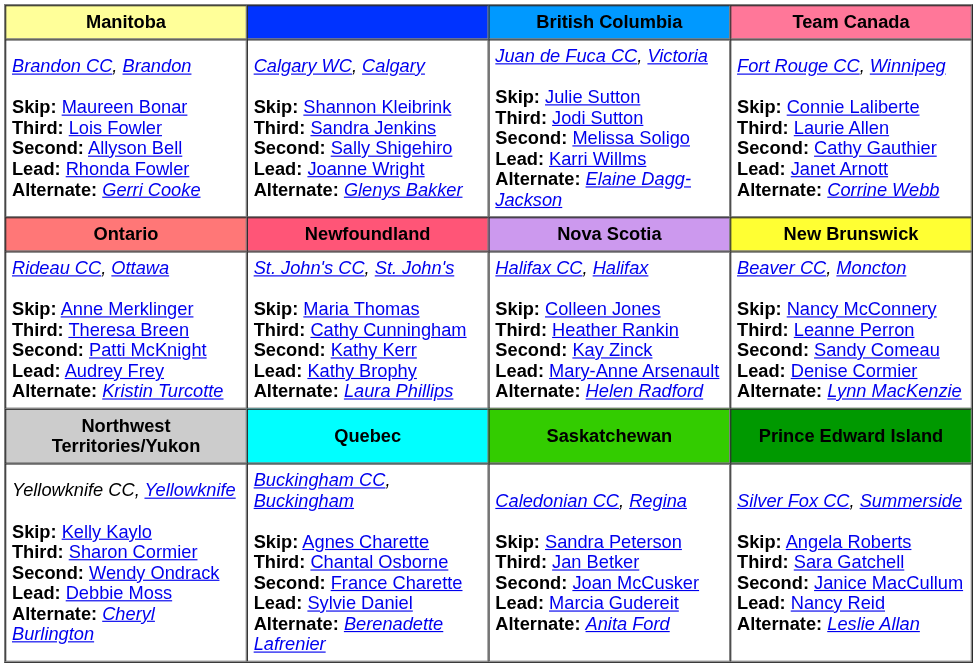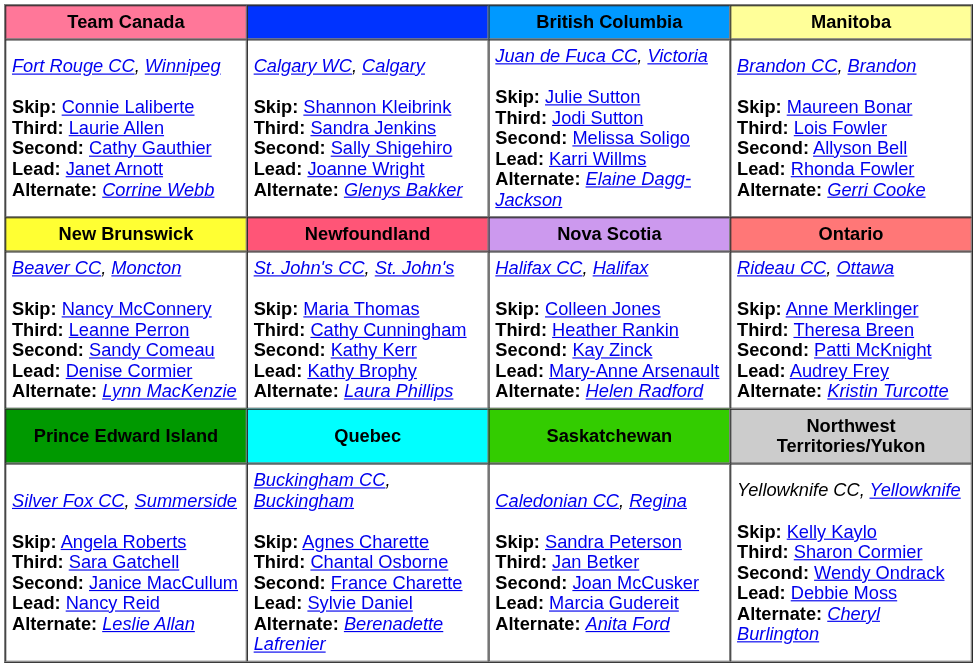 <table border=1 cellpadding=5 cellspacing=0>
 <tr>
-<th bgcolor="#ffff99" width="200">Manitoba</th>
+<th bgcolor="#ff7799" width="200">Team Canada</th>
 <th bgcolor="#0033ff" width="200"></th>
 <th bgcolor="#0099ff" width="200">British Columbia</th>
-<th bgcolor="#ff7799" width="200">Team Canada</th>
+<th bgcolor="#ffff99" width="200">Manitoba</th>
 </tr>
 <tr align=center>
-<td align=left><em><a href='#'>Brandon CC</a>, <a href='#'>Brandon</a></em> <br><br><strong>Skip:</strong>  <a href='#'>Maureen Bonar</a><br> <strong>Third:</strong> <a href='#'>Lois Fowler</a><br> <strong>Second:</strong> <a href='#'>Allyson Bell</a><br> <strong>Lead:</strong> <a href='#'>Rhonda Fowler</a><br> <strong>Alternate:</strong> <em><a href='#'>Gerri Cooke</a></em></td>
+<td align=left><em><a href='#'>Fort Rouge CC</a>, <a href='#'>Winnipeg</a></em> <br><br><strong>Skip:</strong>  <a href='#'>Connie Laliberte</a><br> <strong>Third:</strong> <a href='#'>Laurie Allen</a><br> <strong>Second:</strong> <a href='#'>Cathy Gauthier</a><br> <strong>Lead:</strong> <a href='#'>Janet Arnott</a><br> <strong>Alternate:</strong> <em><a href='#'>Corrine Webb</a></em></td>
 <td align=left><em><a href='#'>Calgary WC</a>, <a href='#'>Calgary</a></em> <br><br><strong>Skip:</strong>  <a href='#'>Shannon Kleibrink</a><br> <strong>Third:</strong> <a href='#'>Sandra Jenkins</a><br> <strong>Second:</strong> <a href='#'>Sally Shigehiro</a><br> <strong>Lead:</strong> <a href='#'>Joanne Wright</a><br> <strong>Alternate:</strong> <em><a href='#'>Glenys Bakker</a></em></td>
 <td align=left><em><a href='#'>Juan de Fuca CC</a>, <a href='#'>Victoria</a></em> <br><br><strong>Skip:</strong>  <a href='#'>Julie Sutton</a><br> <strong>Third:</strong> <a href='#'>Jodi Sutton</a><br> <strong>Second:</strong> <a href='#'>Melissa Soligo</a><br> <strong>Lead:</strong> <a href='#'>Karri Willms</a><br> <strong>Alternate:</strong> <em><a href='#'>Elaine Dagg-Jackson</a></em></td>
-<td align=left><em><a href='#'>Fort Rouge CC</a>, <a href='#'>Winnipeg</a></em> <br><br><strong>Skip:</strong>  <a href='#'>Connie Laliberte</a><br> <strong>Third:</strong> <a href='#'>Laurie Allen</a><br> <strong>Second:</strong> <a href='#'>Cathy Gauthier</a><br> <strong>Lead:</strong> <a href='#'>Janet Arnott</a><br> <strong>Alternate:</strong> <em><a href='#'>Corrine Webb</a></em></td>
+<td align=left><em><a href='#'>Brandon CC</a>, <a href='#'>Brandon</a></em> <br><br><strong>Skip:</strong>  <a href='#'>Maureen Bonar</a><br> <strong>Third:</strong> <a href='#'>Lois Fowler</a><br> <strong>Second:</strong> <a href='#'>Allyson Bell</a><br> <strong>Lead:</strong> <a href='#'>Rhonda Fowler</a><br> <strong>Alternate:</strong> <em><a href='#'>Gerri Cooke</a></em></td>
 </tr>
 <tr border=1 cellpadding=5 cellspacing=0>
-<th bgcolor="#ff7777" width="200">Ontario</th>
+<th bgcolor="#ffff33" width="200">New Brunswick</th>
 <th bgcolor="#ff5577" width="200">Newfoundland</th>
 <th bgcolor="#cc99ee" width="200">Nova Scotia</th>
-<th bgcolor="#ffff33" width="200">New Brunswick</th>
+<th bgcolor="#ff7777" width="200">Ontario</th>
 </tr>
 <tr align=center>
-<td align=left><em><a href='#'>Rideau CC</a>, <a href='#'>Ottawa</a></em> <br><br><strong>Skip:</strong>  <a href='#'>Anne Merklinger</a><br> <strong>Third:</strong> <a href='#'>Theresa Breen</a><br> <strong>Second:</strong> <a href='#'>Patti McKnight</a><br> <strong>Lead:</strong> <a href='#'>Audrey Frey</a><br> <strong>Alternate:</strong> <em><a href='#'>Kristin Turcotte</a></em></td>
+<td align=left><em><a href='#'>Beaver CC</a>, <a href='#'>Moncton</a></em> <br><br><strong>Skip:</strong>  <a href='#'>Nancy McConnery</a><br> <strong>Third:</strong> <a href='#'>Leanne Perron</a><br> <strong>Second:</strong> <a href='#'>Sandy Comeau</a><br> <strong>Lead:</strong> <a href='#'>Denise Cormier</a><br> <strong>Alternate:</strong> <em><a href='#'>Lynn MacKenzie</a></em></td>
 <td align=left><em><a href='#'>St. John's CC</a>, <a href='#'>St. John's</a></em> <br><br><strong>Skip:</strong>  <a href='#'>Maria Thomas</a> <br> <strong>Third:</strong> <a href='#'>Cathy Cunningham</a><br> <strong>Second:</strong> <a href='#'>Kathy Kerr</a><br> <strong>Lead:</strong> <a href='#'>Kathy Brophy</a><br> <strong>Alternate:</strong> <em><a href='#'>Laura Phillips</a></em></td>
 <td align=left><em><a href='#'>Halifax CC</a>, <a href='#'>Halifax</a></em> <br><br><strong>Skip:</strong>  <a href='#'>Colleen Jones</a><br> <strong>Third:</strong> <a href='#'>Heather Rankin</a><br> <strong>Second:</strong> <a href='#'>Kay Zinck</a><br> <strong>Lead:</strong> <a href='#'>Mary-Anne Arsenault</a><br> <strong>Alternate:</strong> <em><a href='#'>Helen Radford</a></em></td>
-<td align=left><em><a href='#'>Beaver CC</a>, <a href='#'>Moncton</a></em> <br><br><strong>Skip:</strong>  <a href='#'>Nancy McConnery</a><br> <strong>Third:</strong> <a href='#'>Leanne Perron</a><br> <strong>Second:</strong> <a href='#'>Sandy Comeau</a><br> <strong>Lead:</strong> <a href='#'>Denise Cormier</a><br> <strong>Alternate:</strong> <em><a href='#'>Lynn MacKenzie</a></em></td>
+<td align=left><em><a href='#'>Rideau CC</a>, <a href='#'>Ottawa</a></em> <br><br><strong>Skip:</strong>  <a href='#'>Anne Merklinger</a><br> <strong>Third:</strong> <a href='#'>Theresa Breen</a><br> <strong>Second:</strong> <a href='#'>Patti McKnight</a><br> <strong>Lead:</strong> <a href='#'>Audrey Frey</a><br> <strong>Alternate:</strong> <em><a href='#'>Kristin Turcotte</a></em></td>
 </tr>
 <tr border=1 cellpadding=5 cellspacing=0>
-<th bgcolor="#cccccc" width="200">Northwest Territories/Yukon</th>
+<th bgcolor="#009900" width="200">Prince Edward Island</th>
 <th bgcolor="#00ffff" width="200">Quebec</th>
 <th bgcolor="#33cc00" width="200">Saskatchewan</th>
-<th bgcolor="#009900" width="200">Prince Edward Island</th>
+<th bgcolor="#cccccc" width="200">Northwest Territories/Yukon</th>
 </tr>
 <tr align=center>
-<td align=left><em>Yellowknife CC, <a href='#'>Yellowknife</a></em> <br><br><strong>Skip:</strong>  <a href='#'>Kelly Kaylo</a><br> <strong>Third:</strong> <a href='#'>Sharon Cormier</a><br> <strong>Second:</strong> <a href='#'>Wendy Ondrack</a><br> <strong>Lead:</strong> <a href='#'>Debbie Moss</a><br> <strong>Alternate:</strong> <em><a href='#'>Cheryl Burlington</a></em></td>
+<td align=left><em><a href='#'>Silver Fox CC</a>, <a href='#'>Summerside</a></em> <br><br><strong>Skip:</strong>  <a href='#'>Angela Roberts</a><br> <strong>Third:</strong> <a href='#'>Sara Gatchell</a><br> <strong>Second:</strong> <a href='#'>Janice MacCullum</a><br> <strong>Lead:</strong> <a href='#'>Nancy Reid</a><br> <strong>Alternate:</strong> <em><a href='#'>Leslie Allan</a></em></td>
 <td align=left><em><a href='#'>Buckingham CC</a>, <a href='#'>Buckingham</a></em> <br><br><strong>Skip:</strong>  <a href='#'>Agnes Charette</a><br> <strong>Third:</strong> <a href='#'>Chantal Osborne</a><br> <strong>Second:</strong> <a href='#'>France Charette</a><br> <strong>Lead:</strong> <a href='#'>Sylvie Daniel</a><br> <strong>Alternate:</strong> <em><a href='#'>Berenadette Lafrenier</a></em></td>
 <td align=left><em><a href='#'>Caledonian CC</a>, <a href='#'>Regina</a></em> <br><br><strong>Skip:</strong>  <a href='#'>Sandra Peterson</a><br> <strong>Third:</strong> <a href='#'>Jan Betker</a><br> <strong>Second:</strong> <a href='#'>Joan McCusker</a><br> <strong>Lead:</strong> <a href='#'>Marcia Gudereit</a><br> <strong>Alternate:</strong> <em><a href='#'>Anita Ford</a></em></td>
-<td align=left><em><a href='#'>Silver Fox CC</a>, <a href='#'>Summerside</a></em> <br><br><strong>Skip:</strong>  <a href='#'>Angela Roberts</a><br> <strong>Third:</strong> <a href='#'>Sara Gatchell</a><br> <strong>Second:</strong> <a href='#'>Janice MacCullum</a><br> <strong>Lead:</strong> <a href='#'>Nancy Reid</a><br> <strong>Alternate:</strong> <em><a href='#'>Leslie Allan</a></em></td>
+<td align=left><em>Yellowknife CC, <a href='#'>Yellowknife</a></em> <br><br><strong>Skip:</strong>  <a href='#'>Kelly Kaylo</a><br> <strong>Third:</strong> <a href='#'>Sharon Cormier</a><br> <strong>Second:</strong> <a href='#'>Wendy Ondrack</a><br> <strong>Lead:</strong> <a href='#'>Debbie Moss</a><br> <strong>Alternate:</strong> <em><a href='#'>Cheryl Burlington</a></em></td>
 </tr>
 </table>
